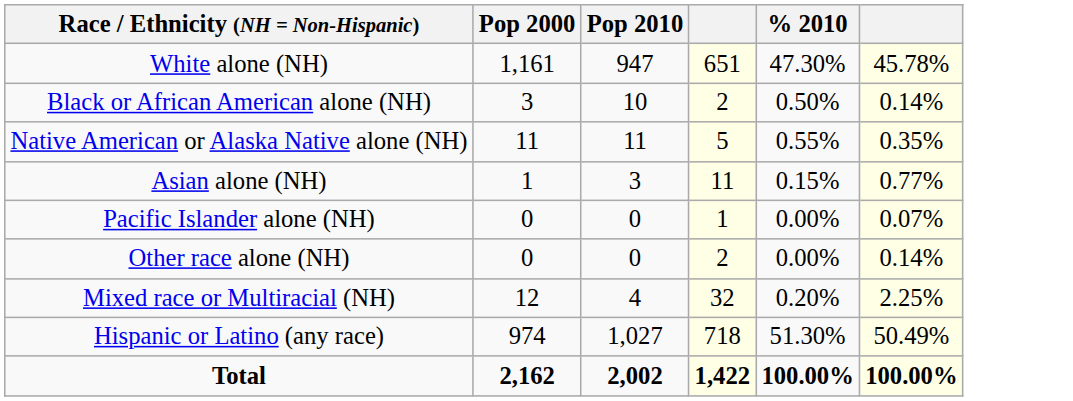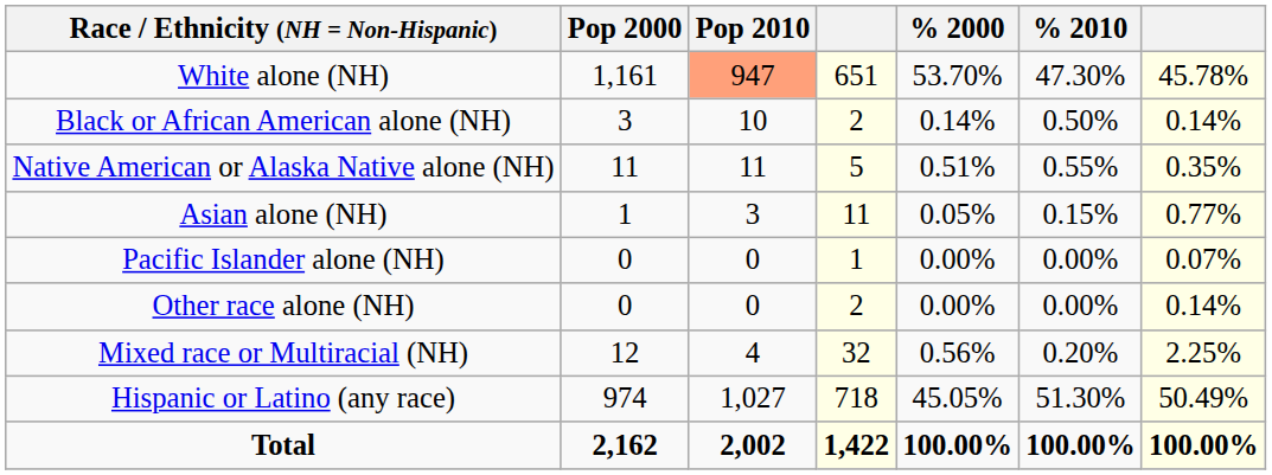 <table class="wikitable" style="text-align:center;">
 <tr>
 <th>Race / Ethnicity <small>(<em>NH = Non-Hispanic</em>)</small></th>
 <th>Pop 2000</th>
 <th>Pop 2010</th>
 <th></th>
+<th>% 2000</th>
 <th>% 2010</th>
 <th></th>
 </tr>
 <tr>
 <td><a href='#'>White</a> alone (NH)</td>
 <td>1,161</td>
-<td>947</td>
+<td style="background: lightsalmon;">947</td>
 <td style='background: #ffffe6;'>651</td>
+<td>53.70%</td>
 <td>47.30%</td>
 <td style='background: #ffffe6;'>45.78%</td>
 </tr>
 <tr>
 <td><a href='#'>Black or African American</a> alone (NH)</td>
 <td>3</td>
 <td>10</td>
 <td style='background: #ffffe6;'>2</td>
+<td>0.14%</td>
 <td>0.50%</td>
 <td style='background: #ffffe6;'>0.14%</td>
 </tr>
 <tr>
 <td><a href='#'>Native American</a> or <a href='#'>Alaska Native</a> alone (NH)</td>
 <td>11</td>
 <td>11</td>
 <td style='background: #ffffe6;'>5</td>
+<td>0.51%</td>
 <td>0.55%</td>
 <td style='background: #ffffe6;'>0.35%</td>
 </tr>
 <tr>
 <td><a href='#'>Asian</a> alone (NH)</td>
 <td>1</td>
 <td>3</td>
 <td style='background: #ffffe6;'>11</td>
+<td>0.05%</td>
 <td>0.15%</td>
 <td style='background: #ffffe6;'>0.77%</td>
 </tr>
 <tr>
 <td><a href='#'>Pacific Islander</a> alone (NH)</td>
 <td>0</td>
 <td>0</td>
 <td style='background: #ffffe6;'>1</td>
 <td>0.00%</td>
+<td>0.00%</td>
 <td style='background: #ffffe6;'>0.07%</td>
 </tr>
 <tr>
 <td><a href='#'>Other race</a> alone (NH)</td>
 <td>0</td>
 <td>0</td>
 <td style='background: #ffffe6;'>2</td>
 <td>0.00%</td>
+<td>0.00%</td>
 <td style='background: #ffffe6;'>0.14%</td>
 </tr>
 <tr>
 <td><a href='#'>Mixed race or Multiracial</a> (NH)</td>
 <td>12</td>
 <td>4</td>
 <td style='background: #ffffe6;'>32</td>
+<td>0.56%</td>
 <td>0.20%</td>
 <td style='background: #ffffe6;'>2.25%</td>
 </tr>
 <tr>
 <td><a href='#'>Hispanic or Latino</a> (any race)</td>
 <td>974</td>
 <td>1,027</td>
 <td style='background: #ffffe6;'>718</td>
+<td>45.05%</td>
 <td>51.30%</td>
 <td style='background: #ffffe6;'>50.49%</td>
 </tr>
 <tr>
 <td><strong>Total</strong></td>
 <td><strong>2,162</strong></td>
 <td><strong>2,002</strong></td>
 <td style='background: #ffffe6;'><strong>1,422</strong></td>
 <td><strong>100.00%</strong></td>
+<td><strong>100.00%</strong></td>
 <td style='background: #ffffe6;'><strong>100.00%</strong></td>
 </tr>
 </table>
